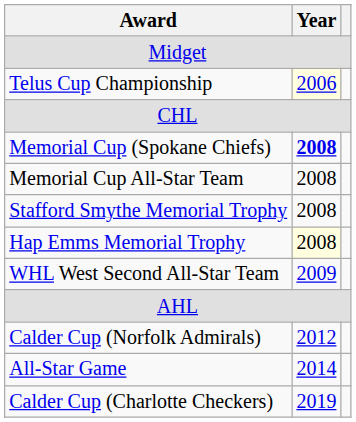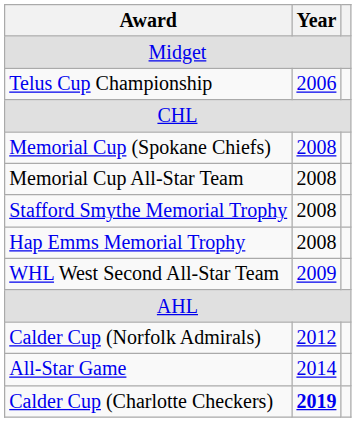 <table class="wikitable">
 <tr>
 <th>Award</th>
 <th>Year</th>
 <th></th>
 </tr>
 <tr ALIGN="center" bgcolor="#e0e0e0">
 <td colspan="3"><a href='#'>Midget</a></td>
 </tr>
 <tr>
 <td><a href='#'>Telus Cup</a> Championship</td>
-<td style="background: lightyellow;"><a href='#'>2006</a></td>
+<td><a href='#'>2006</a></td>
 <td></td>
 </tr>
 <tr ALIGN="center" bgcolor="#e0e0e0">
 <td colspan="3"><a href='#'>CHL</a></td>
 </tr>
 <tr>
 <td><a href='#'>Memorial Cup</a> (Spokane Chiefs)</td>
-<td><strong><a href='#'>2008</a></strong></td>
+<td><a href='#'>2008</a></td>
 <td></td>
 </tr>
 <tr>
 <td>Memorial Cup All-Star Team</td>
 <td>2008</td>
 <td></td>
 </tr>
 <tr>
 <td><a href='#'>Stafford Smythe Memorial Trophy</a></td>
 <td>2008</td>
 <td></td>
 </tr>
 <tr>
 <td><a href='#'>Hap Emms Memorial Trophy</a></td>
-<td style="background: lightyellow;">2008</td>
+<td>2008</td>
 <td></td>
 </tr>
 <tr>
 <td><a href='#'>WHL</a> West Second All-Star Team</td>
 <td><a href='#'>2009</a></td>
 <td></td>
 </tr>
 <tr ALIGN="center" bgcolor="#e0e0e0">
 <td colspan="3"><a href='#'>AHL</a></td>
 </tr>
 <tr>
 <td><a href='#'>Calder Cup</a> (Norfolk Admirals)</td>
 <td><a href='#'>2012</a></td>
 <td></td>
 </tr>
 <tr>
 <td><a href='#'>All-Star Game</a></td>
 <td><a href='#'>2014</a></td>
 <td></td>
 </tr>
 <tr>
 <td><a href='#'>Calder Cup</a> (Charlotte Checkers)</td>
-<td><a href='#'>2019</a></td>
+<td><strong><a href='#'>2019</a></strong></td>
 <td></td>
 </tr>
 </table>
